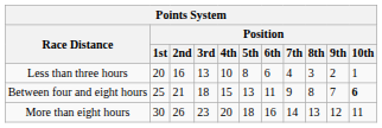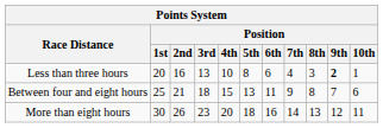 <table class="wikitable" style="font-size: 90%;">
 <tr>
 <th colspan=11>Points System</th>
 </tr>
 <tr>
 <th rowspan=2>Race Distance</th>
 <th colspan=10>Position</th>
 </tr>
 <tr>
 <th>1st</th>
 <th>2nd</th>
 <th>3rd</th>
 <th>4th</th>
 <th>5th</th>
 <th>6th</th>
 <th>7th</th>
 <th>8th</th>
 <th>9th</th>
 <th>10th</th>
 </tr>
 <tr>
 <td align="center">Less than three hours</td>
 <td>20</td>
 <td>16</td>
 <td>13</td>
 <td>10</td>
 <td>8</td>
 <td>6</td>
 <td>4</td>
 <td>3</td>
-<td>2</td>
+<td><strong>2</strong></td>
 <td>1</td>
 </tr>
 <tr>
 <td align="center">Between four and eight hours</td>
 <td>25</td>
 <td>21</td>
 <td>18</td>
 <td>15</td>
 <td>13</td>
 <td>11</td>
 <td>9</td>
 <td>8</td>
 <td>7</td>
-<td><strong>6</strong></td>
+<td>6</td>
 </tr>
 <tr>
 <td align="center">More than eight hours</td>
 <td>30</td>
 <td>26</td>
 <td>23</td>
 <td>20</td>
 <td>18</td>
 <td>16</td>
 <td>14</td>
 <td>13</td>
 <td>12</td>
 <td>11</td>
 </tr>
 </table>
